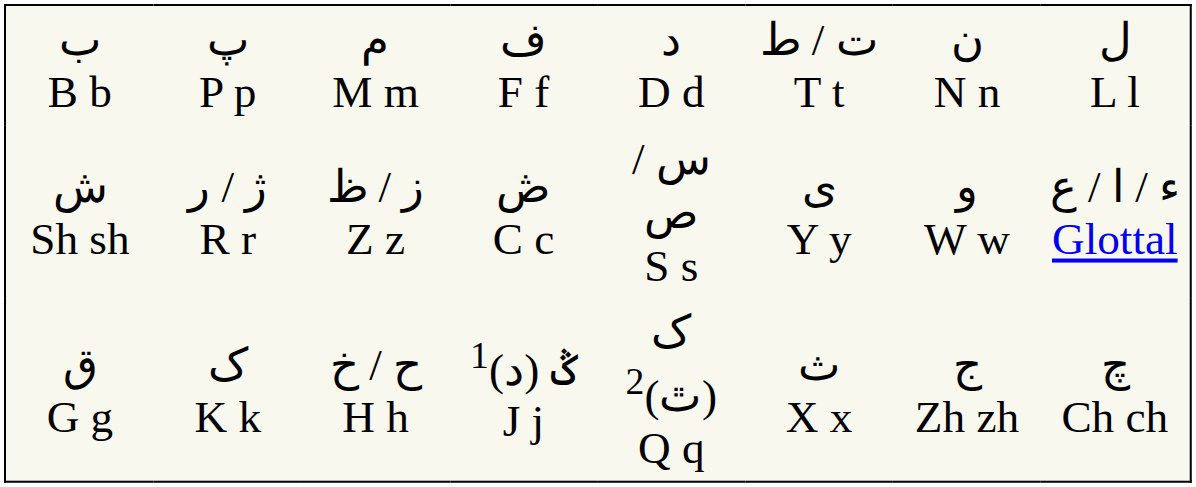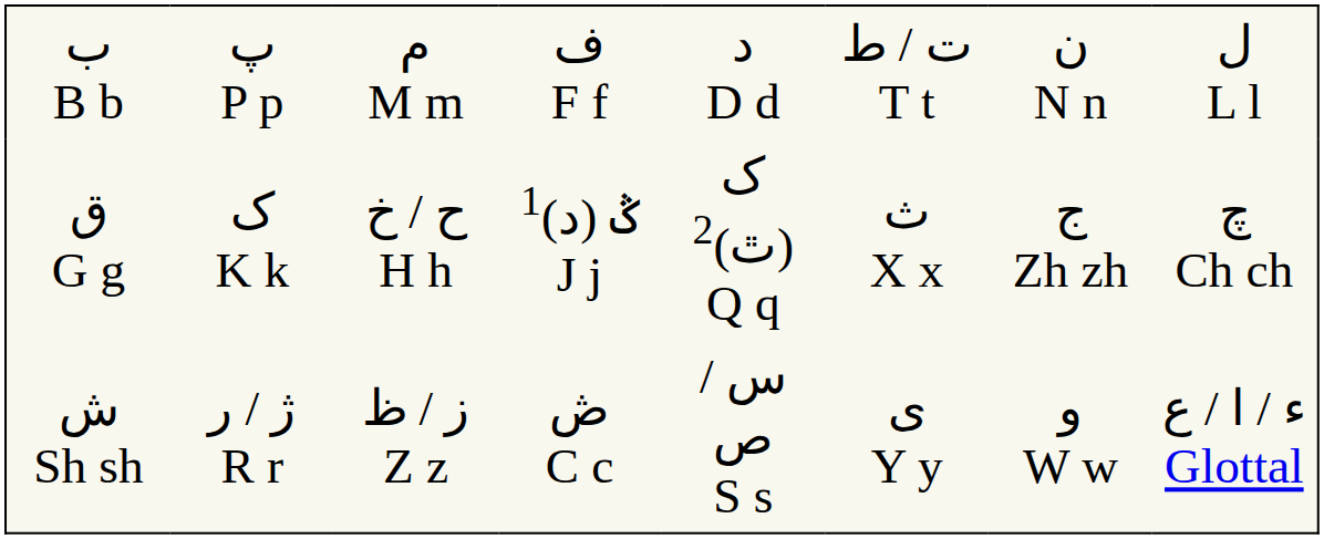 <table style="font-family:Arial Unicode MS; font-size:1.4em; border-color:#000000; border-width:1px; border-style:solid; border-collapse:collapse; background-color:#F8F8EF">
 <tr>
 <td style="width:3em; text-align:center; padding: 3px;">ب<br>B b</td>
 <td style="width:3em; text-align:center; padding: 3px;">پ<br>P p</td>
 <td style="width:3em; text-align:center; padding: 3px;">م<br>M m</td>
 <td style="width:3em; text-align:center; padding: 3px;">ف<br>F f</td>
 <td style="width:3em; text-align:center; padding: 3px;">د<br>D d</td>
 <td style="width:3em; text-align:center; padding: 3px;">ت / ط<br>T t</td>
 <td style="width:3em; text-align:center; padding: 3px;">ن<br>N n</td>
 <td style="width:3em; text-align:center; padding: 3px;">ل<br>L l</td>
 </tr>
 <tr>
+<td style="width:3em; text-align:center; padding: 3px;">ق<br>G g</td>
+<td style="width:3em; text-align:center; padding: 3px;">ک<br>K k</td>
+<td style="width:3em; text-align:center; padding: 3px;">ح / خ<br>H h</td>
+<td style="width:3em; text-align:center; padding: 3px;">ݣ‌ (د)<sup>1</sup><br>J j</td>
+<td style="width:3em; text-align:center; padding: 3px;">ک (ٿ)<sup>2</sup><br>Q q</td>
+<td style="width:3em; text-align:center; padding: 3px;">ث<br>X x</td>
+<td style="width:3em; text-align:center; padding: 3px;">ج<br>Zh zh</td>
+<td style="width:3em; text-align:center; padding: 3px;">چ<br>Ch ch</td>
+</tr>
+<tr>
 <td style="width:3em; text-align:center; padding: 3px;">ش<br>Sh sh</td>
 <td style="width:3em; text-align:center; padding: 3px;">ژ / ر<br>R r</td>
 <td style="width:3em; text-align:center; padding: 3px;">ز / ظ<br>Z z</td>
 <td style="width:3em; text-align:center; padding: 3px;">ڞ<br>C c</td>
 <td style="width:3em; text-align:center; padding: 3px;">س / ص<br>S s</td>
 <td style="width:3em; text-align:center; padding: 3px;">ی<br>Y y</td>
 <td style="width:3em; text-align:center; padding: 3px;">و<br>W w</td>
 <td style="width:3em; text-align:center; padding: 3px;">ء / ا / ع<br><a href='#'>Glottal</a></td>
 </tr>
-<tr>
-<td style="width:3em; text-align:center; padding: 3px;">ق<br>G g</td>
-<td style="width:3em; text-align:center; padding: 3px;">ک<br>K k</td>
-<td style="width:3em; text-align:center; padding: 3px;">ح / خ<br>H h</td>
-<td style="width:3em; text-align:center; padding: 3px;">ݣ‌ (د)<sup>1</sup><br>J j</td>
-<td style="width:3em; text-align:center; padding: 3px;">ک (ٿ)<sup>2</sup><br>Q q</td>
-<td style="width:3em; text-align:center; padding: 3px;">ث<br>X x</td>
-<td style="width:3em; text-align:center; padding: 3px;">ج<br>Zh zh</td>
-<td style="width:3em; text-align:center; padding: 3px;">چ<br>Ch ch</td>
-</tr>
 </table>
